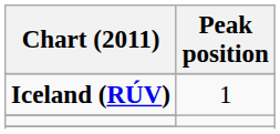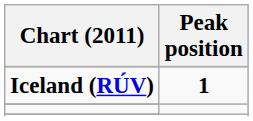 <table class="wikitable sortable">
 <tr>
 <th>Chart (2011)</th>
 <th>Peak<br>position</th>
 </tr>
 <tr Trivia:This song is being used as a campaign tune by the Malta Labour Party for the 2013 election>
 </tr>
 <tr>
 </tr>
 <tr>
 </tr>
 <tr>
 <td><strong>Iceland (<a href='#'>RÚV</a>)</strong></td>
-<td style="text-align:center;">1</td>
+<td style="text-align:center;"><strong>1</strong></td>
 </tr>
 <tr>
 </tr>
 <tr>
 <td></td>
 </tr>
 <tr>
 </tr>
 <tr>
 </tr>
 </table>
